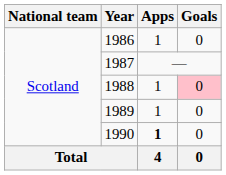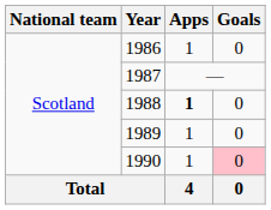 <table class="wikitable" style="text-align:center">
 <tr>
 <th>National team</th>
 <th>Year</th>
 <th>Apps</th>
 <th>Goals</th>
 </tr>
 <tr>
 <td rowspan="5"><a href='#'>Scotland</a></td>
 <td>1986</td>
 <td>1</td>
 <td>0</td>
 </tr>
 <tr>
 <td>1987</td>
 <td colspan="2">—</td>
 </tr>
 <tr>
 <td>1988</td>
-<td>1</td>
-<td style="background: pink;">0</td>
+<td><strong>1</strong></td>
+<td>0</td>
 </tr>
 <tr>
 <td>1989</td>
 <td>1</td>
 <td>0</td>
 </tr>
 <tr>
 <td>1990</td>
-<td><strong>1</strong></td>
-<td>0</td>
+<td>1</td>
+<td style="background: pink;">0</td>
 </tr>
 <tr>
 <th colspan="2">Total</th>
 <th>4</th>
 <th>0</th>
 </tr>
 </table>
